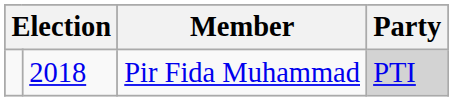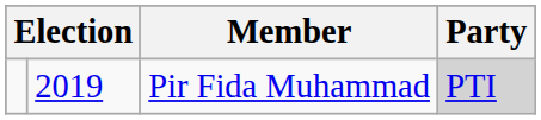 <table class="wikitable">
 <tr>
 <th colspan="2">Election</th>
 <th>Member</th>
 <th>Party</th>
 </tr>
 <tr>
 <td style="background-color: "></td>
-<td><a href='#'>2018</a></td>
+<td><a href='#'>2019</a></td>
 <td><a href='#'>Pir Fida Muhammad</a></td>
 <td style="background: lightgrey;"><a href='#'>PTI</a></td>
 </tr>
 </table>
